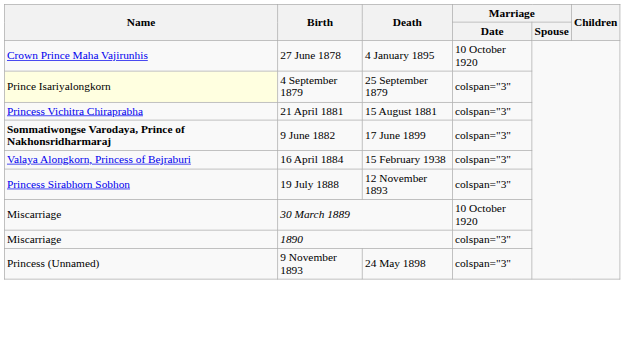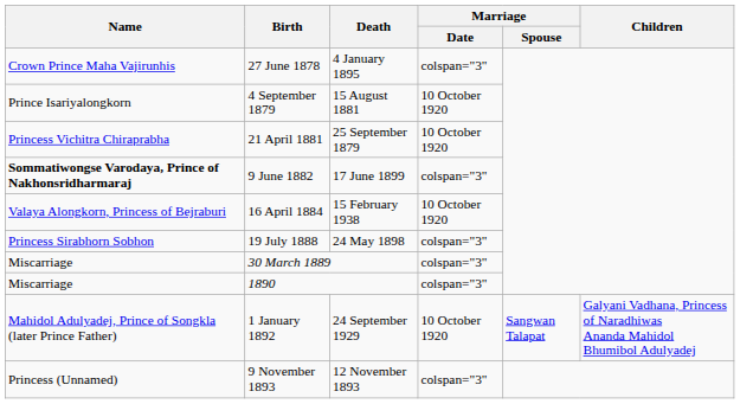 <table class="wikitable">
 <tr>
 <th rowspan=2>Name</th>
 <th rowspan=2>Birth</th>
 <th rowspan=2>Death</th>
 <th colspan=2>Marriage</th>
 <th rowspan=2>Children</th>
 </tr>
 <tr>
 <th>Date</th>
 <th>Spouse</th>
 </tr>
 <tr>
 <td><a href='#'>Crown Prince Maha Vajirunhis</a></td>
 <td>27 June 1878</td>
 <td>4 January 1895</td>
-<td>10 October 1920</td>
+<td>colspan="3" </td>
 </tr>
 <tr>
-<td style="background: lightyellow;">Prince Isariyalongkorn</td>
+<td>Prince Isariyalongkorn</td>
 <td>4 September 1879</td>
-<td>25 September 1879</td>
-<td>colspan="3" </td>
+<td>15 August 1881</td>
+<td>10 October 1920</td>
 </tr>
 <tr>
 <td><a href='#'>Princess Vichitra Chiraprabha</a></td>
 <td>21 April 1881</td>
-<td>15 August 1881</td>
-<td>colspan="3" </td>
+<td>25 September 1879</td>
+<td>10 October 1920</td>
 </tr>
 <tr>
 <td><strong>Sommatiwongse Varodaya, Prince of Nakhonsridharmaraj</strong></td>
 <td>9 June 1882</td>
 <td>17 June 1899</td>
 <td>colspan="3" </td>
 </tr>
 <tr>
 <td><a href='#'>Valaya Alongkorn, Princess of Bejraburi</a></td>
 <td>16 April 1884</td>
 <td>15 February 1938</td>
-<td>colspan="3" </td>
+<td>10 October 1920</td>
 </tr>
 <tr>
 <td><a href='#'>Princess Sirabhorn Sobhon</a></td>
 <td>19 July 1888</td>
-<td>12 November 1893</td>
+<td>24 May 1898</td>
 <td>colspan="3" </td>
 </tr>
 <tr>
 <td>Miscarriage</td>
 <td colspan="2"><em>30 March 1889</em></td>
-<td>10 October 1920</td>
+<td>colspan="3" </td>
 </tr>
 <tr>
 <td>Miscarriage</td>
 <td colspan="2"><em>1890</em></td>
 <td>colspan="3" </td>
 </tr>
 <tr>
+<td><a href='#'>Mahidol Adulyadej, Prince of Songkla</a><br>(later Prince Father)</td>
+<td>1 January 1892</td>
+<td>24 September 1929</td>
+<td>10 October 1920</td>
+<td><a href='#'>Sangwan Talapat</a></td>
+<td><a href='#'>Galyani Vadhana, Princess of Naradhiwas</a><br><a href='#'>Ananda Mahidol</a><br><a href='#'>Bhumibol Adulyadej</a></td>
+</tr>
+<tr>
 <td>Princess (Unnamed)</td>
 <td>9 November 1893</td>
-<td>24 May 1898</td>
+<td>12 November 1893</td>
 <td>colspan="3" </td>
 </tr>
 </table>
